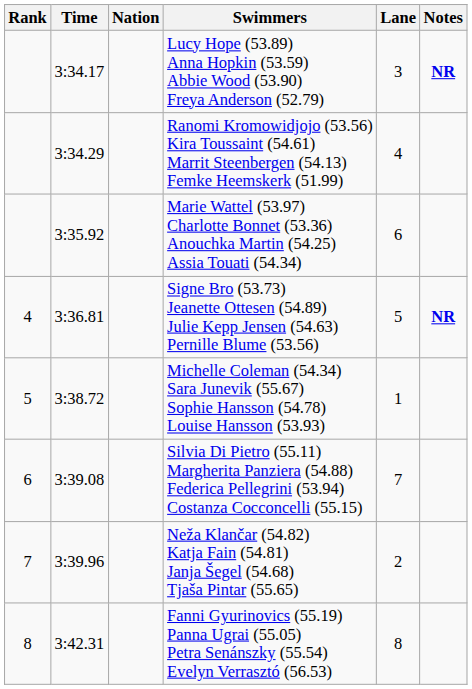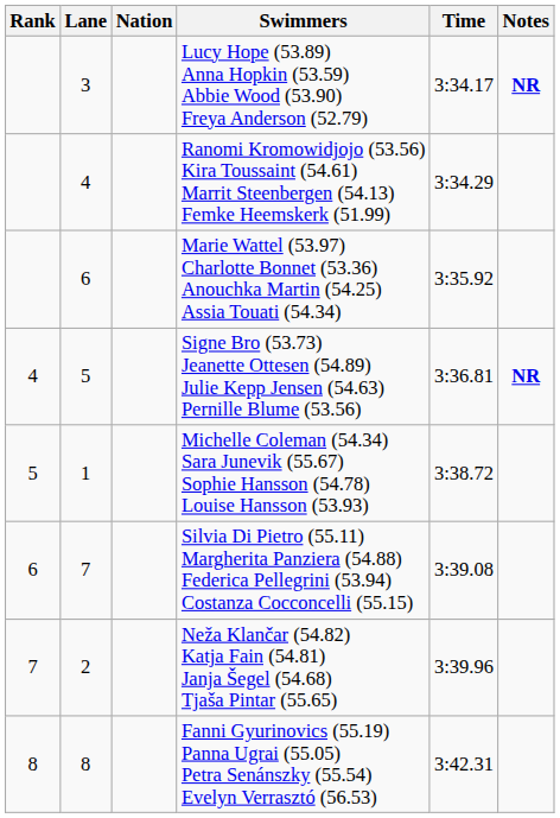 <table class="wikitable sortable" style="text-align:center">
 <tr>
 <th>Rank</th>
-<th>Time</th>
+<th>Lane</th>
 <th>Nation</th>
 <th>Swimmers</th>
-<th>Lane</th>
+<th>Time</th>
 <th>Notes</th>
 </tr>
 <tr>
 <td></td>
-<td>3:34.17</td>
+<td>3</td>
 <td align=left></td>
 <td align=left><a href='#'>Lucy Hope</a> (53.89)<br><a href='#'>Anna Hopkin</a> (53.59)<br><a href='#'>Abbie Wood</a> (53.90)<br><a href='#'>Freya Anderson</a> (52.79)</td>
-<td>3</td>
+<td>3:34.17</td>
 <td><strong><a href='#'>NR</a></strong></td>
 </tr>
 <tr>
 <td></td>
-<td>3:34.29</td>
+<td>4</td>
 <td align=left></td>
 <td align=left><a href='#'>Ranomi Kromowidjojo</a> (53.56)<br><a href='#'>Kira Toussaint</a> (54.61)<br><a href='#'>Marrit Steenbergen</a> (54.13)<br><a href='#'>Femke Heemskerk</a> (51.99)</td>
-<td>4</td>
+<td>3:34.29</td>
 <td></td>
 </tr>
 <tr>
 <td></td>
-<td>3:35.92</td>
+<td>6</td>
 <td align=left></td>
 <td align=left><a href='#'>Marie Wattel</a> (53.97)<br><a href='#'>Charlotte Bonnet</a> (53.36)<br><a href='#'>Anouchka Martin</a> (54.25)<br><a href='#'>Assia Touati</a> (54.34)</td>
-<td>6</td>
+<td>3:35.92</td>
 <td></td>
 </tr>
 <tr>
 <td>4</td>
-<td>3:36.81</td>
+<td>5</td>
 <td align=left></td>
 <td align=left><a href='#'>Signe Bro</a> (53.73)<br><a href='#'>Jeanette Ottesen</a> (54.89)<br><a href='#'>Julie Kepp Jensen</a> (54.63)<br><a href='#'>Pernille Blume</a> (53.56)</td>
-<td>5</td>
+<td>3:36.81</td>
 <td><strong><a href='#'>NR</a></strong></td>
 </tr>
 <tr>
 <td>5</td>
-<td>3:38.72</td>
+<td>1</td>
 <td align=left></td>
 <td align=left><a href='#'>Michelle Coleman</a> (54.34)<br><a href='#'>Sara Junevik</a> (55.67)<br><a href='#'>Sophie Hansson</a> (54.78)<br><a href='#'>Louise Hansson</a> (53.93)</td>
-<td>1</td>
+<td>3:38.72</td>
 <td></td>
 </tr>
 <tr>
 <td>6</td>
-<td>3:39.08</td>
+<td>7</td>
 <td align=left></td>
 <td align=left><a href='#'>Silvia Di Pietro</a> (55.11)<br><a href='#'>Margherita Panziera</a> (54.88)<br><a href='#'>Federica Pellegrini</a> (53.94)<br><a href='#'>Costanza Cocconcelli</a> (55.15)</td>
-<td>7</td>
+<td>3:39.08</td>
 <td></td>
 </tr>
 <tr>
 <td>7</td>
-<td>3:39.96</td>
+<td>2</td>
 <td align=left></td>
 <td align=left><a href='#'>Neža Klančar</a> (54.82)<br><a href='#'>Katja Fain</a> (54.81)<br><a href='#'>Janja Šegel</a> (54.68)<br><a href='#'>Tjaša Pintar</a> (55.65)</td>
-<td>2</td>
+<td>3:39.96</td>
 <td></td>
 </tr>
 <tr>
 <td>8</td>
-<td>3:42.31</td>
+<td>8</td>
 <td align=left></td>
 <td align=left><a href='#'>Fanni Gyurinovics</a> (55.19)<br><a href='#'>Panna Ugrai</a> (55.05)<br><a href='#'>Petra Senánszky</a> (55.54)<br><a href='#'>Evelyn Verrasztó</a> (56.53)</td>
-<td>8</td>
+<td>3:42.31</td>
 <td></td>
 </tr>
 </table>
